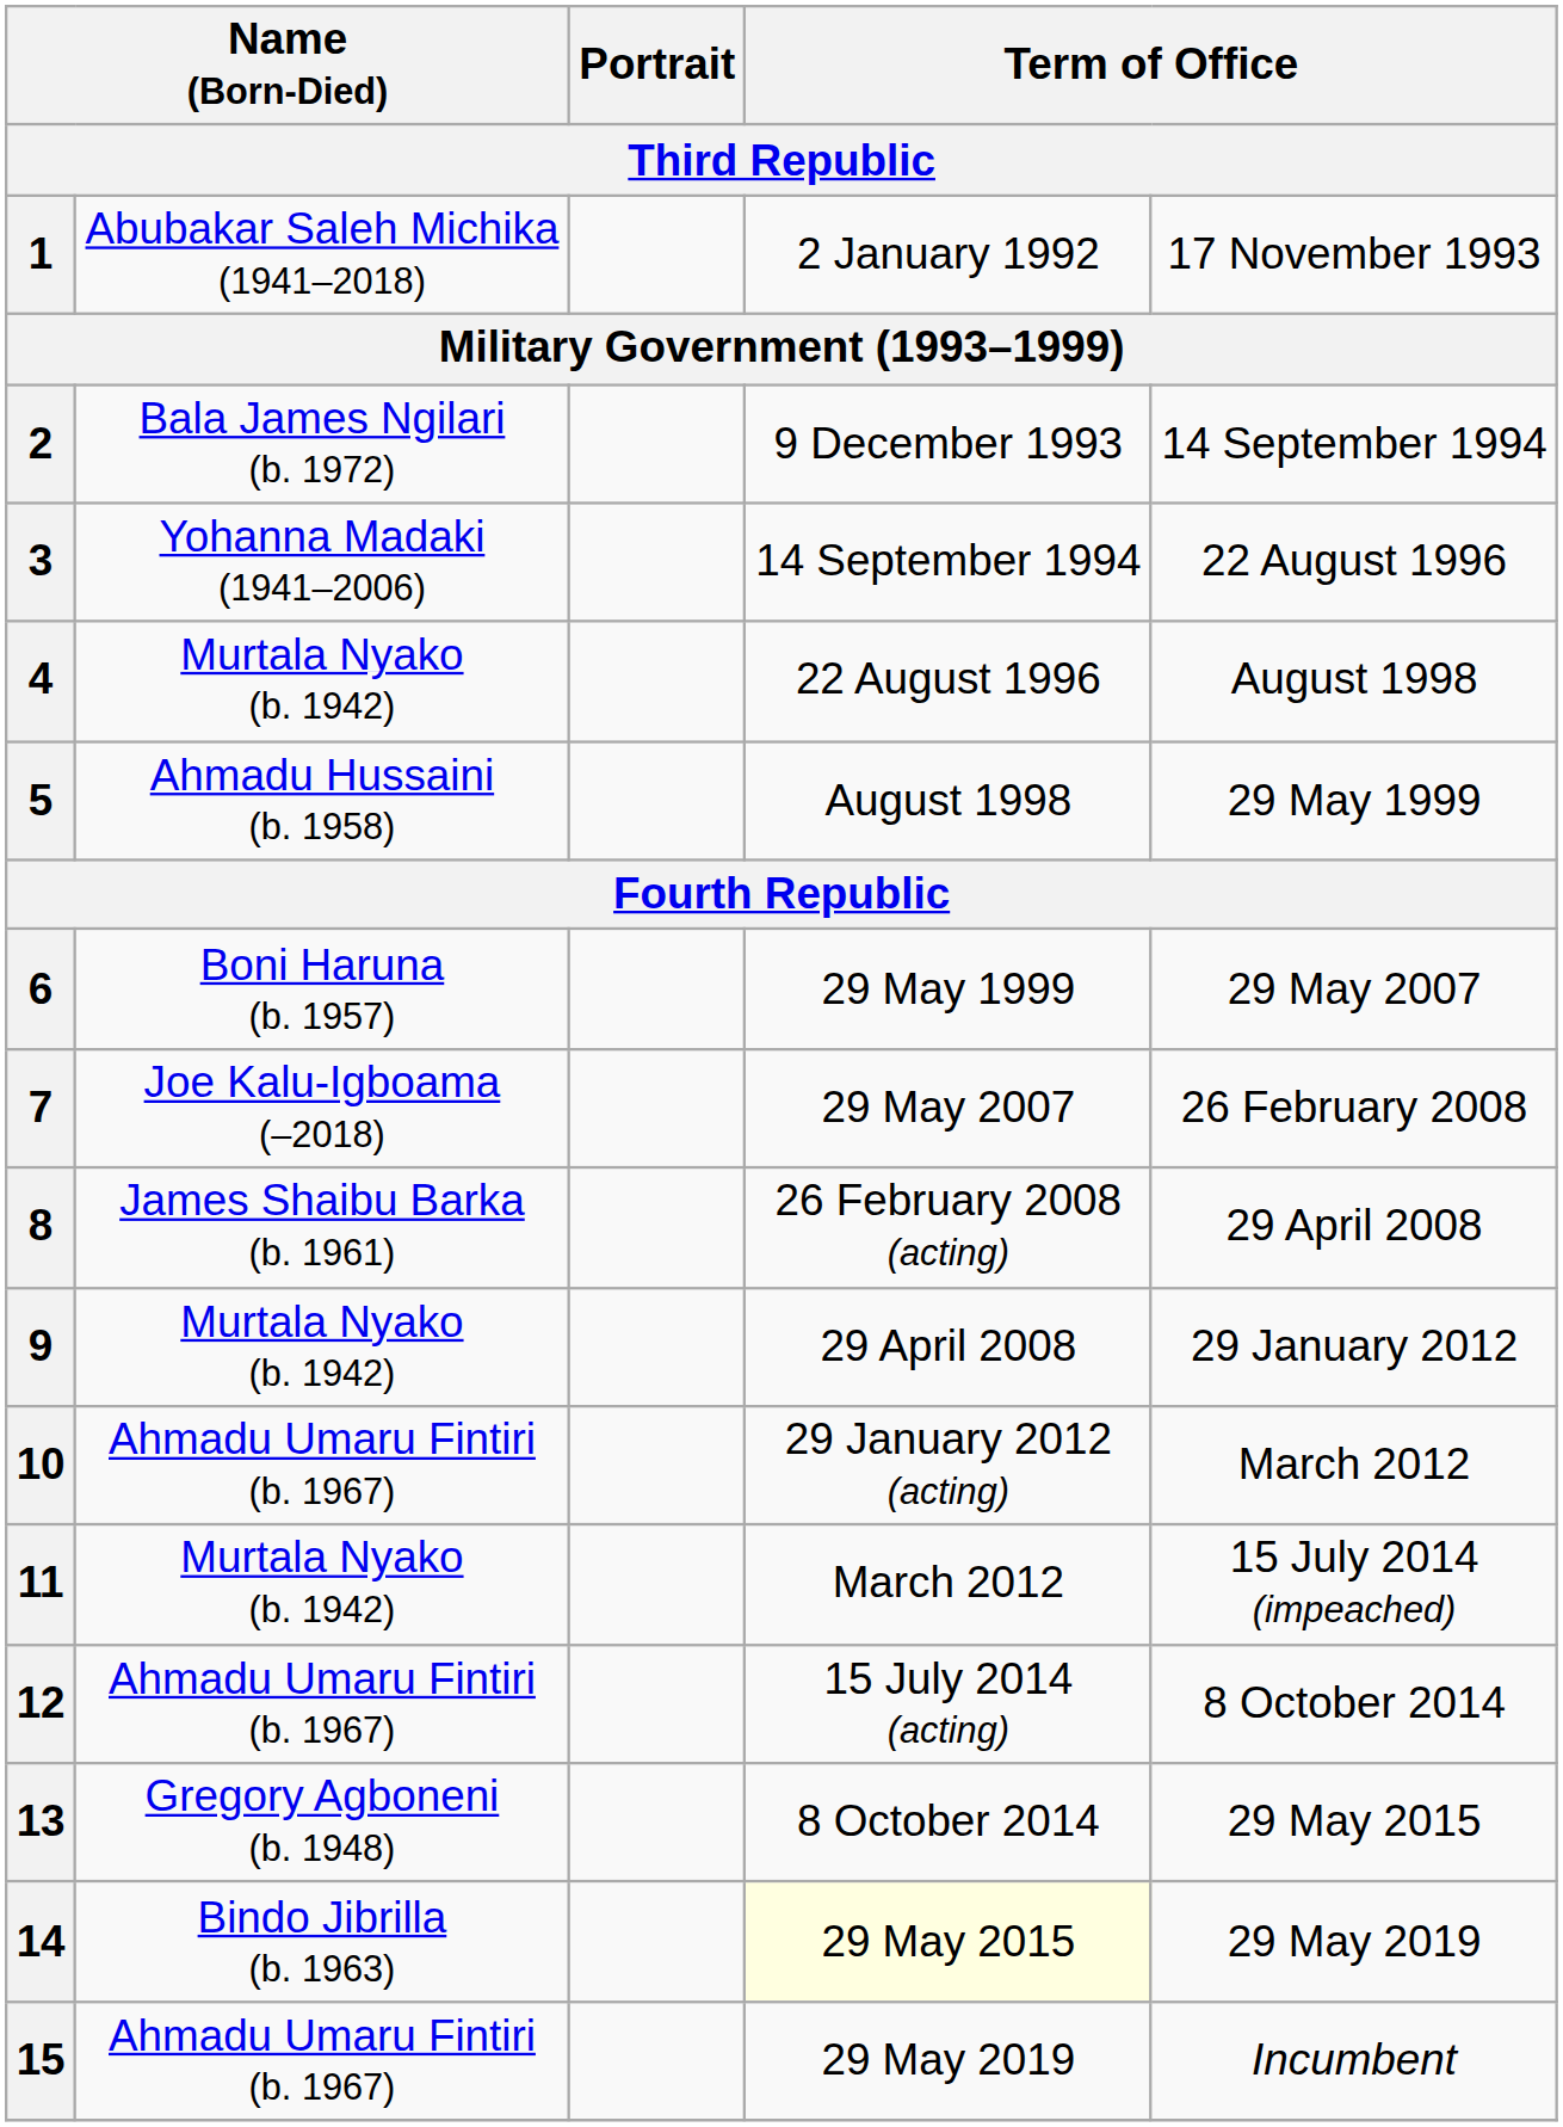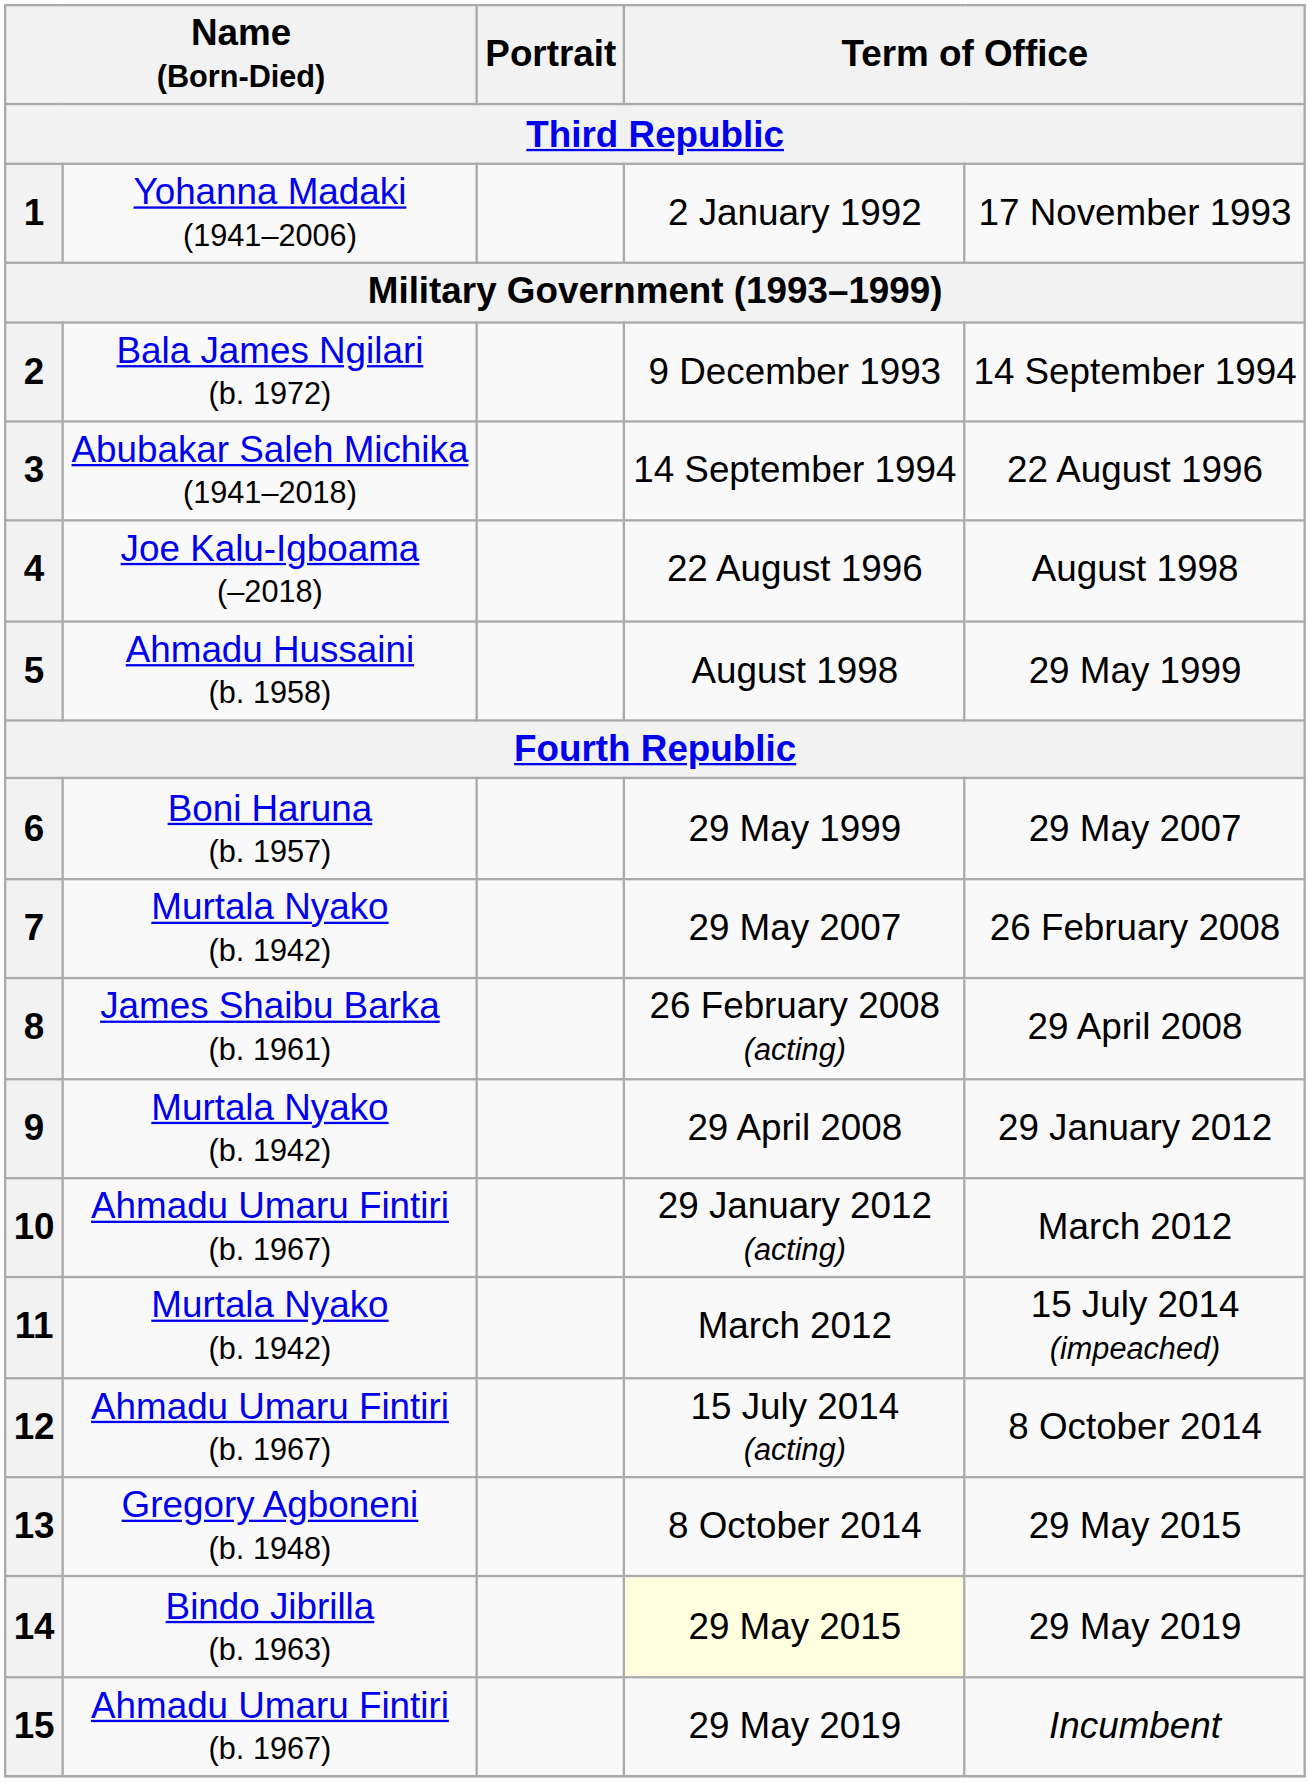 <table class="wikitable" style="text-align:center;">
 <tr>
 <th colspan="2">Name<br><small>(Born-Died)</small></th>
 <th>Portrait</th>
 <th colspan="2">Term of Office</th>
 </tr>
 <tr>
 <th colspan="5"><a href='#'>Third Republic</a></th>
 </tr>
 <tr>
 <th style="background:">1</th>
-<td><a href='#'>Abubakar Saleh Michika</a><br><small>(1941–2018)</small></td>
+<td><a href='#'>Yohanna Madaki</a><br><small>(1941–2006)</small></td>
 <td></td>
 <td>2 January 1992</td>
 <td>17 November 1993</td>
 </tr>
 <tr>
 <th colspan="5">Military Government (1993–1999)</th>
 </tr>
 <tr>
 <th style="background:">2</th>
 <td><a href='#'>Bala James Ngilari</a><br><small>(b. 1972)</small></td>
 <td></td>
 <td>9 December 1993</td>
 <td>14 September 1994</td>
 </tr>
 <tr>
 <th style="background:">3</th>
-<td><a href='#'>Yohanna Madaki</a><br><small>(1941–2006)</small></td>
+<td><a href='#'>Abubakar Saleh Michika</a><br><small>(1941–2018)</small></td>
 <td></td>
 <td>14 September 1994</td>
 <td>22 August 1996</td>
 </tr>
 <tr>
 <th style="background:">4</th>
-<td><a href='#'>Murtala Nyako</a><br><small>(b. 1942)</small></td>
+<td><a href='#'>Joe Kalu-Igboama</a><br><small>(–2018)</small></td>
 <td></td>
 <td>22 August 1996</td>
 <td>August 1998</td>
 </tr>
 <tr>
 <th style="background:">5</th>
 <td><a href='#'>Ahmadu Hussaini</a><br><small>(b. 1958)</small></td>
 <td></td>
 <td>August 1998</td>
 <td>29 May 1999</td>
 </tr>
 <tr>
 <th colspan="5"><a href='#'>Fourth Republic</a></th>
 </tr>
 <tr>
 <th style="background:">6</th>
 <td><a href='#'>Boni Haruna</a><br><small>(b. 1957)</small></td>
 <td></td>
 <td>29 May 1999</td>
 <td>29 May 2007</td>
 </tr>
 <tr>
 <th style="background:">7</th>
-<td><a href='#'>Joe Kalu-Igboama</a><br><small>(–2018)</small></td>
+<td><a href='#'>Murtala Nyako</a><br><small>(b. 1942)</small></td>
 <td></td>
 <td>29 May 2007</td>
 <td>26 February 2008</td>
 </tr>
 <tr>
 <th style="background:">8</th>
 <td><a href='#'>James Shaibu Barka</a><br><small>(b. 1961)</small></td>
 <td></td>
 <td>26 February 2008<br><em><small>(acting)</small></em></td>
 <td>29 April 2008</td>
 </tr>
 <tr>
 <th style="background:">9</th>
 <td><a href='#'>Murtala Nyako</a><br><small>(b. 1942)</small></td>
 <td></td>
 <td>29 April 2008</td>
 <td>29 January 2012</td>
 </tr>
 <tr>
 <th style="background:">10</th>
 <td><a href='#'>Ahmadu Umaru Fintiri</a><br><small>(b. 1967)</small></td>
 <td></td>
 <td>29 January 2012<br><small><em>(acting)</em></small></td>
 <td>March 2012</td>
 </tr>
 <tr>
 <th style="background:">11</th>
 <td><a href='#'>Murtala Nyako</a><br><small>(b. 1942)</small></td>
 <td></td>
 <td>March 2012</td>
 <td>15 July 2014<br><em><small>(impeached)</small></em></td>
 </tr>
 <tr>
 <th style="background:">12</th>
 <td><a href='#'>Ahmadu Umaru Fintiri</a><br><small>(b. 1967)</small></td>
 <td></td>
 <td>15 July 2014<br><em><small>(acting)</small></em></td>
 <td>8 October 2014</td>
 </tr>
 <tr>
 <th style="background:">13</th>
 <td><a href='#'>Gregory Agboneni</a><br><small>(b. 1948)</small></td>
 <td></td>
 <td>8 October 2014</td>
 <td>29 May 2015</td>
 </tr>
 <tr>
 <th style="background:">14</th>
 <td><a href='#'>Bindo Jibrilla</a><br><small>(b. 1963)</small></td>
 <td></td>
 <td style="background: lightyellow;">29 May 2015</td>
 <td>29 May 2019</td>
 </tr>
 <tr>
 <th style="background:">15</th>
 <td><a href='#'>Ahmadu Umaru Fintiri</a><br><small>(b. 1967)</small></td>
 <td></td>
 <td>29 May 2019</td>
 <td><em>Incumbent</em></td>
 </tr>
 <tr>
 </tr>
 </table>
